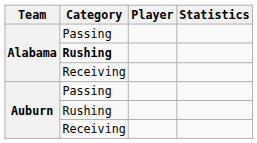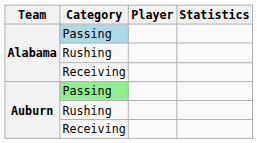 <table class="wikitable" style="float:right">
 <tr>
 <th>Team</th>
 <th>Category</th>
 <th>Player</th>
 <th>Statistics</th>
 </tr>
 <tr>
 <th rowspan=3>Alabama</th>
-<td>Passing</td>
+<td style="background: lightblue;">Passing</td>
 <td></td>
 <td></td>
 </tr>
 <tr>
-<td><strong>Rushing</strong></td>
+<td>Rushing</td>
 <td></td>
 <td></td>
 </tr>
 <tr>
 <td>Receiving</td>
 <td></td>
 <td></td>
 </tr>
 <tr>
 <th rowspan=3>Auburn</th>
-<td>Passing</td>
+<td style="background: lightgreen;">Passing</td>
 <td></td>
 <td></td>
 </tr>
 <tr>
 <td>Rushing</td>
 <td></td>
 <td></td>
 </tr>
 <tr>
 <td>Receiving</td>
 <td></td>
 <td></td>
 </tr>
 </table>
